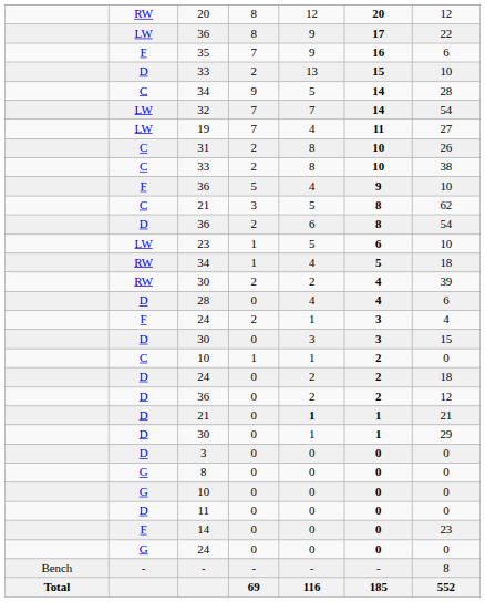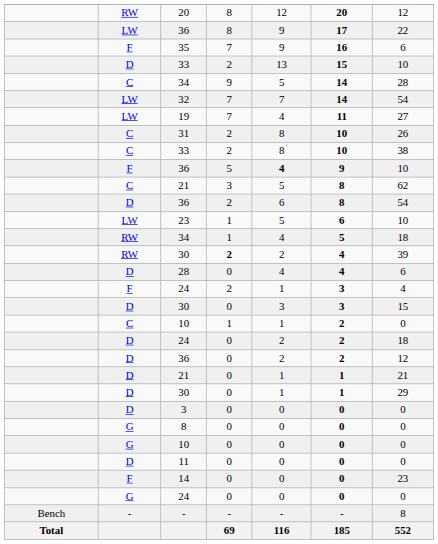 <table class="wikitable sortable" width ="50%">
 <tr align="center">
 </tr>
 <tr align="center" bgcolor="">
 <td></td>
 <td><a href='#'>RW</a></td>
 <td>20</td>
 <td>8</td>
 <td>12</td>
 <td><strong>20</strong></td>
 <td>12</td>
 </tr>
 <tr align="center" bgcolor="f0f0f0">
 <td></td>
 <td><a href='#'>LW</a></td>
 <td>36</td>
 <td>8</td>
 <td>9</td>
 <td><strong>17</strong></td>
 <td>22</td>
 </tr>
 <tr align="center" bgcolor="">
 <td></td>
 <td><a href='#'>F</a></td>
 <td>35</td>
 <td>7</td>
 <td>9</td>
 <td><strong>16</strong></td>
 <td>6</td>
 </tr>
 <tr align="center" bgcolor="f0f0f0">
 <td></td>
 <td><a href='#'>D</a></td>
 <td>33</td>
 <td>2</td>
 <td>13</td>
 <td><strong>15</strong></td>
 <td>10</td>
 </tr>
 <tr align="center" bgcolor="">
 <td></td>
 <td><a href='#'>C</a></td>
 <td>34</td>
 <td>9</td>
 <td>5</td>
 <td><strong>14</strong></td>
 <td>28</td>
 </tr>
 <tr align="center" bgcolor="f0f0f0">
 <td></td>
 <td><a href='#'>LW</a></td>
 <td>32</td>
 <td>7</td>
 <td>7</td>
 <td><strong>14</strong></td>
 <td>54</td>
 </tr>
 <tr align="center" bgcolor="">
 <td></td>
 <td><a href='#'>LW</a></td>
 <td>19</td>
 <td>7</td>
 <td>4</td>
 <td><strong>11</strong></td>
 <td>27</td>
 </tr>
 <tr align="center" bgcolor="f0f0f0">
 <td></td>
 <td><a href='#'>C</a></td>
 <td>31</td>
 <td>2</td>
 <td>8</td>
 <td><strong>10</strong></td>
 <td>26</td>
 </tr>
 <tr align="center" bgcolor="">
 <td></td>
 <td><a href='#'>C</a></td>
 <td>33</td>
 <td>2</td>
 <td>8</td>
 <td><strong>10</strong></td>
 <td>38</td>
 </tr>
 <tr align="center" bgcolor="f0f0f0">
 <td></td>
 <td><a href='#'>F</a></td>
 <td>36</td>
 <td>5</td>
-<td>4</td>
+<td><strong>4</strong></td>
 <td><strong>9</strong></td>
 <td>10</td>
 </tr>
 <tr align="center" bgcolor="">
 <td></td>
 <td><a href='#'>C</a></td>
 <td>21</td>
 <td>3</td>
 <td>5</td>
 <td><strong>8</strong></td>
 <td>62</td>
 </tr>
 <tr align="center" bgcolor="f0f0f0">
 <td></td>
 <td><a href='#'>D</a></td>
 <td>36</td>
 <td>2</td>
 <td>6</td>
 <td><strong>8</strong></td>
 <td>54</td>
 </tr>
 <tr align="center" bgcolor="">
 <td></td>
 <td><a href='#'>LW</a></td>
 <td>23</td>
 <td>1</td>
 <td>5</td>
 <td><strong>6</strong></td>
 <td>10</td>
 </tr>
 <tr align="center" bgcolor="f0f0f0">
 <td></td>
 <td><a href='#'>RW</a></td>
 <td>34</td>
 <td>1</td>
 <td>4</td>
 <td><strong>5</strong></td>
 <td>18</td>
 </tr>
 <tr align="center" bgcolor="">
 <td></td>
 <td><a href='#'>RW</a></td>
 <td>30</td>
-<td>2</td>
+<td><strong>2</strong></td>
 <td>2</td>
 <td><strong>4</strong></td>
 <td>39</td>
 </tr>
 <tr align="center" bgcolor="f0f0f0">
 <td></td>
 <td><a href='#'>D</a></td>
 <td>28</td>
 <td>0</td>
 <td>4</td>
 <td><strong>4</strong></td>
 <td>6</td>
 </tr>
 <tr align="center" bgcolor="">
 <td></td>
 <td><a href='#'>F</a></td>
 <td>24</td>
 <td>2</td>
 <td>1</td>
 <td><strong>3</strong></td>
 <td>4</td>
 </tr>
 <tr align="center" bgcolor="f0f0f0">
 <td></td>
 <td><a href='#'>D</a></td>
 <td>30</td>
 <td>0</td>
 <td>3</td>
 <td><strong>3</strong></td>
 <td>15</td>
 </tr>
 <tr align="center" bgcolor="">
 <td></td>
 <td><a href='#'>C</a></td>
 <td>10</td>
 <td>1</td>
 <td>1</td>
 <td><strong>2</strong></td>
 <td>0</td>
 </tr>
 <tr align="center" bgcolor="f0f0f0">
 <td></td>
 <td><a href='#'>D</a></td>
 <td>24</td>
 <td>0</td>
 <td>2</td>
 <td><strong>2</strong></td>
 <td>18</td>
 </tr>
 <tr align="center" bgcolor="">
 <td></td>
 <td><a href='#'>D</a></td>
 <td>36</td>
 <td>0</td>
 <td>2</td>
 <td><strong>2</strong></td>
 <td>12</td>
 </tr>
 <tr align="center" bgcolor="f0f0f0">
 <td></td>
 <td><a href='#'>D</a></td>
 <td>21</td>
 <td>0</td>
-<td><strong>1</strong></td>
+<td>1</td>
 <td><strong>1</strong></td>
 <td>21</td>
 </tr>
 <tr align="center" bgcolor="">
 <td></td>
 <td><a href='#'>D</a></td>
 <td>30</td>
 <td>0</td>
 <td>1</td>
 <td><strong>1</strong></td>
 <td>29</td>
 </tr>
 <tr align="center" bgcolor="f0f0f0">
 <td></td>
 <td><a href='#'>D</a></td>
 <td>3</td>
 <td>0</td>
 <td>0</td>
 <td><strong>0</strong></td>
 <td>0</td>
 </tr>
 <tr align="center" bgcolor="">
 <td></td>
 <td><a href='#'>G</a></td>
 <td>8</td>
 <td>0</td>
 <td>0</td>
 <td><strong>0</strong></td>
 <td>0</td>
 </tr>
 <tr align="center" bgcolor="f0f0f0">
 <td></td>
 <td><a href='#'>G</a></td>
 <td>10</td>
 <td>0</td>
 <td>0</td>
 <td><strong>0</strong></td>
 <td>0</td>
 </tr>
 <tr align="center" bgcolor="">
 <td></td>
 <td><a href='#'>D</a></td>
 <td>11</td>
 <td>0</td>
 <td>0</td>
 <td><strong>0</strong></td>
 <td>0</td>
 </tr>
 <tr align="center" bgcolor="f0f0f0">
 <td></td>
 <td><a href='#'>F</a></td>
 <td>14</td>
 <td>0</td>
 <td>0</td>
 <td><strong>0</strong></td>
 <td>23</td>
 </tr>
 <tr align="center" bgcolor="">
 <td></td>
 <td><a href='#'>G</a></td>
 <td>24</td>
 <td>0</td>
 <td>0</td>
 <td><strong>0</strong></td>
 <td>0</td>
 </tr>
 <tr align="center" bgcolor="f0f0f0">
 <td>Bench</td>
 <td>-</td>
 <td>-</td>
 <td>-</td>
 <td>-</td>
 <td>-</td>
 <td>8</td>
 </tr>
 <tr>
 <th>Total</th>
 <th></th>
 <th></th>
 <th>69</th>
 <th>116</th>
 <th>185</th>
 <th>552</th>
 </tr>
 </table>
